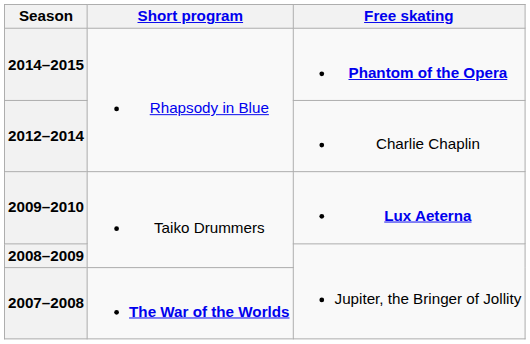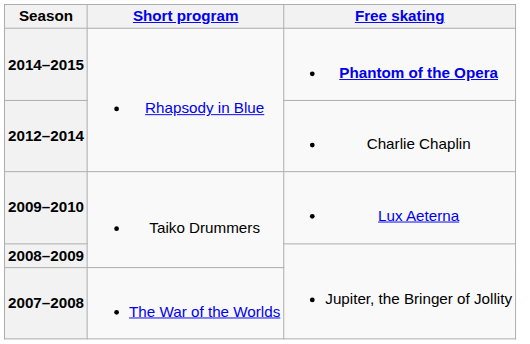 <table class=wikitable style=text-align:center>
 <tr>
 <th>Season</th>
 <th><a href='#'>Short program</a></th>
 <th><a href='#'>Free skating</a></th>
 </tr>
 <tr>
 <th>2014–2015 <br> </th>
 <td rowspan=2><br><ul><li><a href='#'>Rhapsody in Blue</a> <br></li></ul></td>
 <td><strong><br><ul><li><a href='#'>Phantom of the Opera</a> <br></li></ul></strong></td>
 </tr>
 <tr>
 <th>2012–2014 <br> </th>
 <td><br><ul><li>Charlie Chaplin</li></ul></td>
 </tr>
 <tr>
 <th>2009–2010 <br> </th>
 <td rowspan=2><br><ul><li>Taiko Drummers <br></li></ul></td>
-<td><strong><br><ul><li><a href='#'>Lux Aeterna</a> <br></li></ul></strong></td>
+<td><br><ul><li><a href='#'>Lux Aeterna</a> <br></li></ul></td>
 </tr>
 <tr>
 <th>2008–2009 <br> </th>
 <td rowspan=2><br><ul><li>Jupiter, the Bringer of Jollity <br></li></ul></td>
 </tr>
 <tr>
 <th>2007–2008 <br> </th>
-<td><strong><br><ul><li><a href='#'>The War of the Worlds</a> <br></li></ul></strong></td>
+<td><br><ul><li><a href='#'>The War of the Worlds</a> <br></li></ul></td>
 </tr>
 </table>
